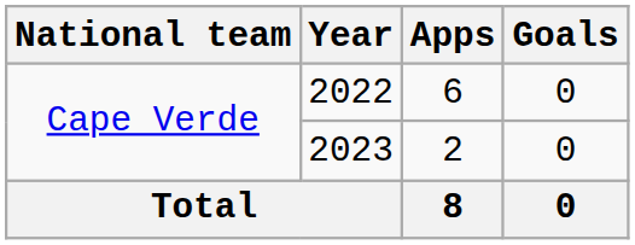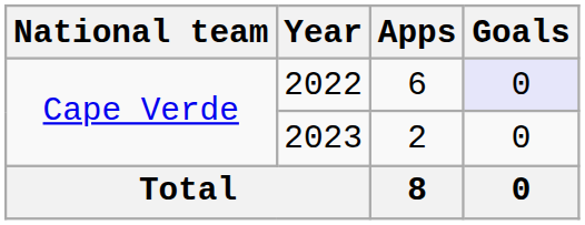 <table class="wikitable" style="text-align:center">
 <tr>
 <th>National team</th>
 <th>Year</th>
 <th>Apps</th>
 <th>Goals</th>
 </tr>
 <tr>
 <td rowspan="2"><a href='#'>Cape Verde</a></td>
 <td>2022</td>
 <td>6</td>
-<td>0</td>
+<td style="background: lavender;">0</td>
 </tr>
 <tr>
 <td>2023</td>
 <td>2</td>
 <td>0</td>
 </tr>
 <tr>
 <th colspan="2">Total</th>
 <th>8</th>
 <th>0</th>
 </tr>
 </table>
